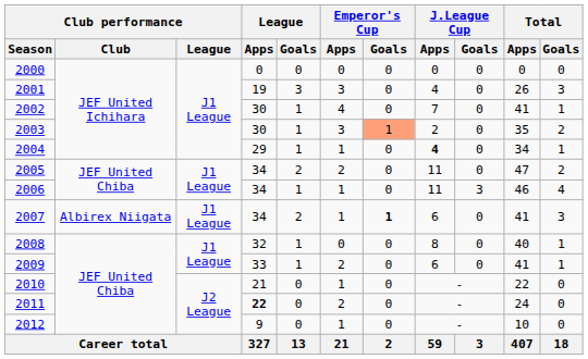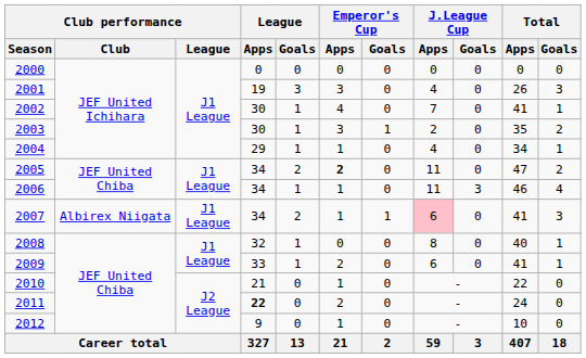 <table class="wikitable" style="text-align:center">
 <tr>
 <th colspan=3>Club performance</th>
 <th colspan=2>League</th>
 <th colspan=2><a href='#'>Emperor's Cup</a></th>
 <th colspan=2><a href='#'>J.League Cup</a></th>
 <th colspan=2>Total</th>
 </tr>
 <tr>
 <th>Season</th>
 <th>Club</th>
 <th>League</th>
 <th>Apps</th>
 <th>Goals</th>
 <th>Apps</th>
 <th>Goals</th>
 <th>Apps</th>
 <th>Goals</th>
 <th>Apps</th>
 <th>Goals</th>
 </tr>
 <tr>
 <td><a href='#'>2000</a></td>
 <td rowspan="5"><a href='#'>JEF United Ichihara</a></td>
 <td rowspan="5"><a href='#'>J1 League</a></td>
 <td>0</td>
 <td>0</td>
 <td>0</td>
 <td>0</td>
 <td>0</td>
 <td>0</td>
 <td>0</td>
 <td>0</td>
 </tr>
 <tr>
 <td><a href='#'>2001</a></td>
 <td>19</td>
 <td>3</td>
 <td>3</td>
 <td>0</td>
 <td>4</td>
 <td>0</td>
 <td>26</td>
 <td>3</td>
 </tr>
 <tr>
 <td><a href='#'>2002</a></td>
 <td>30</td>
 <td>1</td>
 <td>4</td>
 <td>0</td>
 <td>7</td>
 <td>0</td>
 <td>41</td>
 <td>1</td>
 </tr>
 <tr>
 <td><a href='#'>2003</a></td>
 <td>30</td>
 <td>1</td>
 <td>3</td>
-<td style="background: lightsalmon;">1</td>
+<td>1</td>
 <td>2</td>
 <td>0</td>
 <td>35</td>
 <td>2</td>
 </tr>
 <tr>
 <td><a href='#'>2004</a></td>
 <td>29</td>
 <td>1</td>
 <td>1</td>
 <td>0</td>
-<td><strong>4</strong></td>
+<td>4</td>
 <td>0</td>
 <td>34</td>
 <td>1</td>
 </tr>
 <tr>
 <td><a href='#'>2005</a></td>
 <td rowspan="2"><a href='#'>JEF United Chiba</a></td>
 <td rowspan="2"><a href='#'>J1 League</a></td>
 <td>34</td>
 <td>2</td>
-<td>2</td>
+<td><strong>2</strong></td>
 <td>0</td>
 <td>11</td>
 <td>0</td>
 <td>47</td>
 <td>2</td>
 </tr>
 <tr>
 <td><a href='#'>2006</a></td>
 <td>34</td>
 <td>1</td>
 <td>1</td>
 <td>0</td>
 <td>11</td>
 <td>3</td>
 <td>46</td>
 <td>4</td>
 </tr>
 <tr>
 <td><a href='#'>2007</a></td>
 <td><a href='#'>Albirex Niigata</a></td>
 <td><a href='#'>J1 League</a></td>
 <td>34</td>
 <td>2</td>
 <td>1</td>
-<td><strong>1</strong></td>
-<td>6</td>
+<td>1</td>
+<td style="background: pink;">6</td>
 <td>0</td>
 <td>41</td>
 <td>3</td>
 </tr>
 <tr>
 <td><a href='#'>2008</a></td>
 <td rowspan="5"><a href='#'>JEF United Chiba</a></td>
 <td rowspan="2"><a href='#'>J1 League</a></td>
 <td>32</td>
 <td>1</td>
 <td>0</td>
 <td>0</td>
 <td>8</td>
 <td>0</td>
 <td>40</td>
 <td>1</td>
 </tr>
 <tr>
 <td><a href='#'>2009</a></td>
 <td>33</td>
 <td>1</td>
 <td>2</td>
 <td>0</td>
 <td>6</td>
 <td>0</td>
 <td>41</td>
 <td>1</td>
 </tr>
 <tr>
 <td><a href='#'>2010</a></td>
 <td rowspan="3"><a href='#'>J2 League</a></td>
 <td>21</td>
 <td>0</td>
 <td>1</td>
 <td>0</td>
 <td colspan="2">-</td>
 <td>22</td>
 <td>0</td>
 </tr>
 <tr>
 <td><a href='#'>2011</a></td>
 <td><strong>22</strong></td>
 <td>0</td>
 <td>2</td>
 <td>0</td>
 <td colspan="2">-</td>
 <td>24</td>
 <td>0</td>
 </tr>
 <tr>
 <td><a href='#'>2012</a></td>
 <td>9</td>
 <td>0</td>
 <td>1</td>
 <td>0</td>
 <td colspan="2">-</td>
 <td>10</td>
 <td>0</td>
 </tr>
 <tr>
 <th colspan=3>Career total</th>
 <th>327</th>
 <th>13</th>
 <th>21</th>
 <th>2</th>
 <th>59</th>
 <th>3</th>
 <th>407</th>
 <th>18</th>
 </tr>
 </table>
